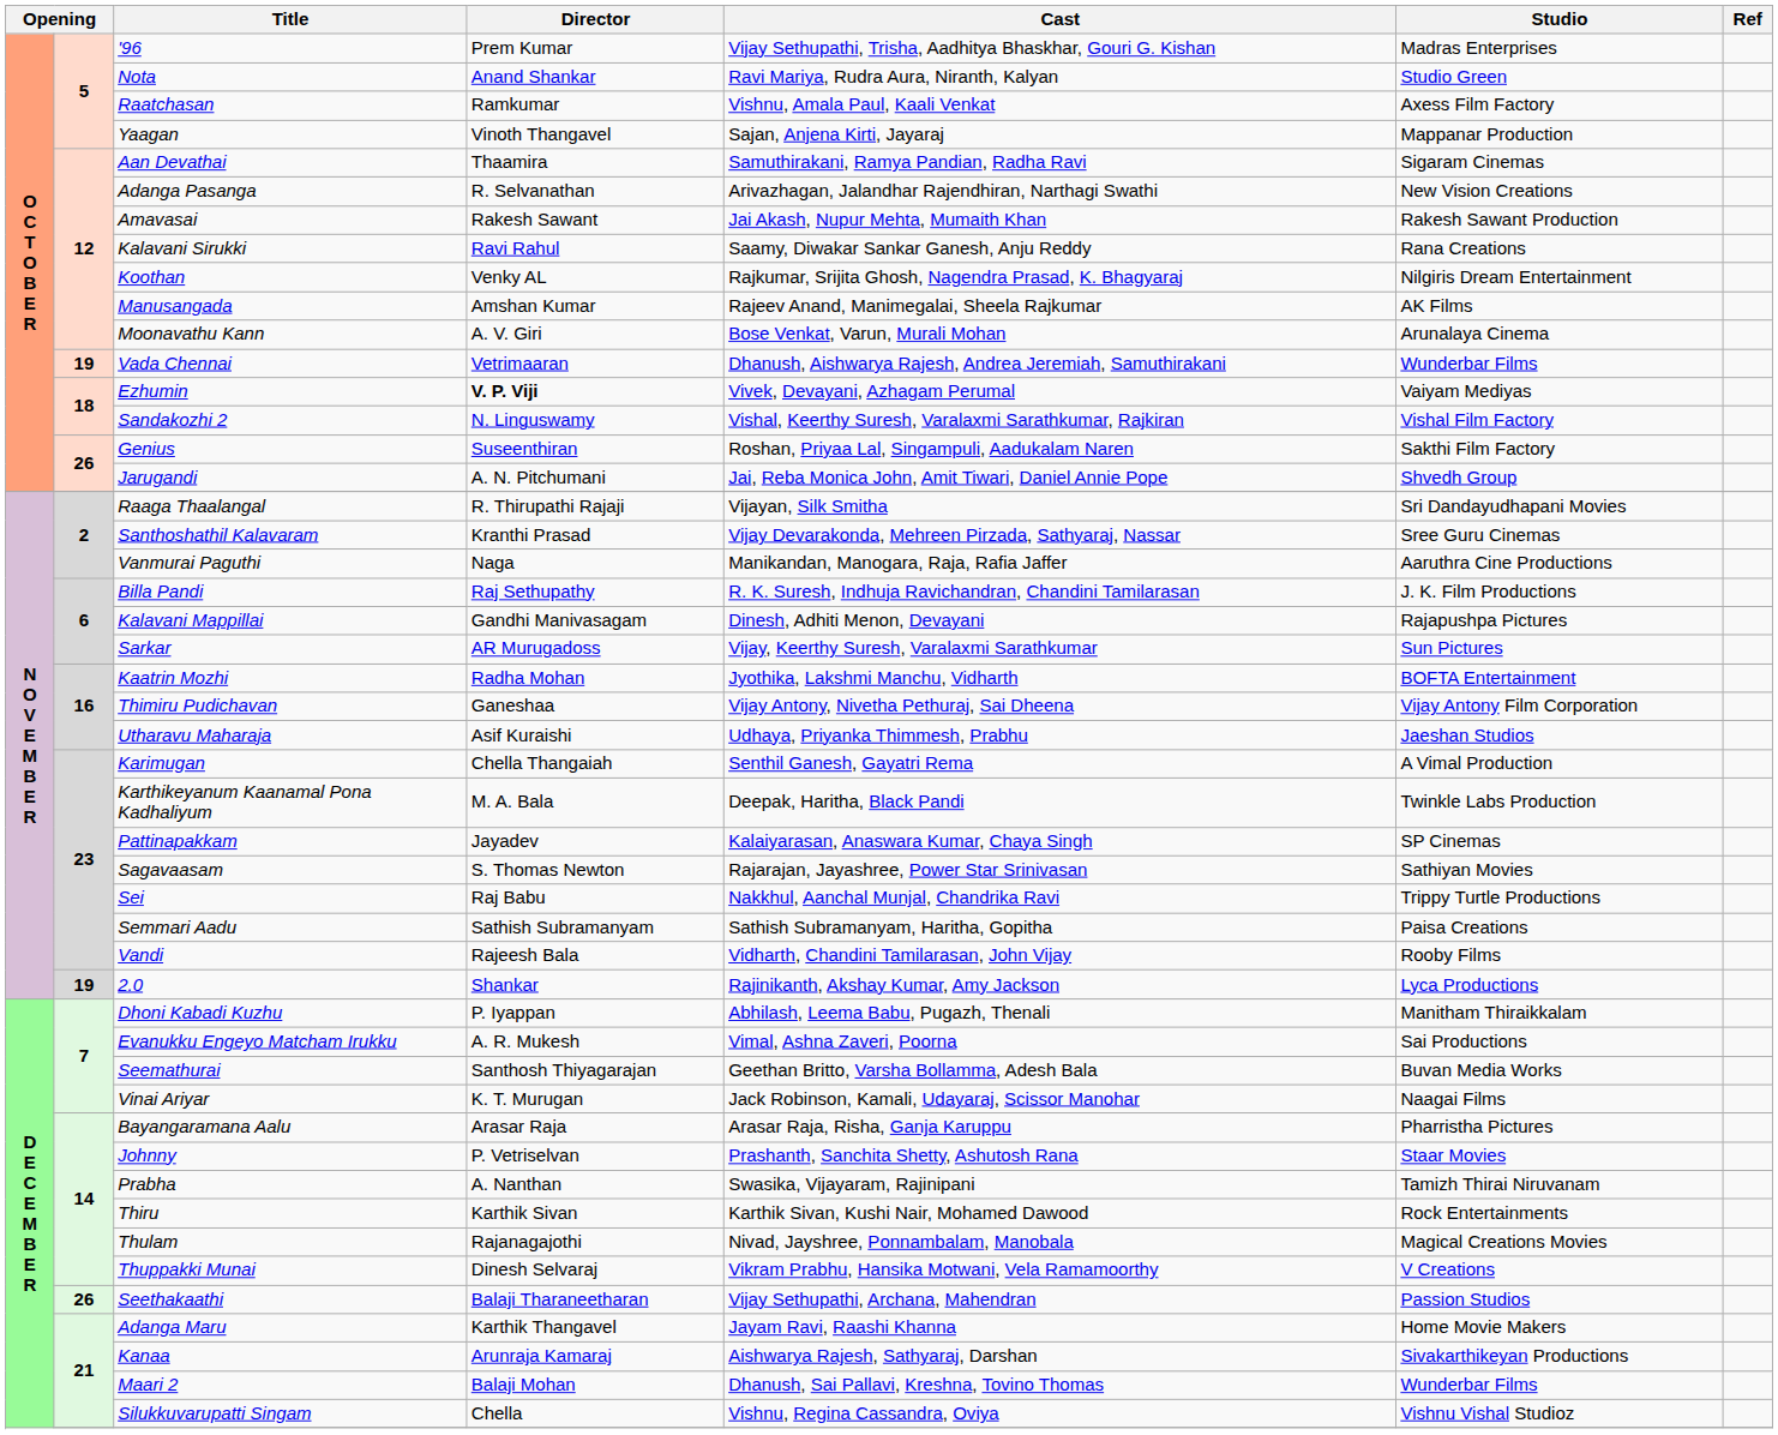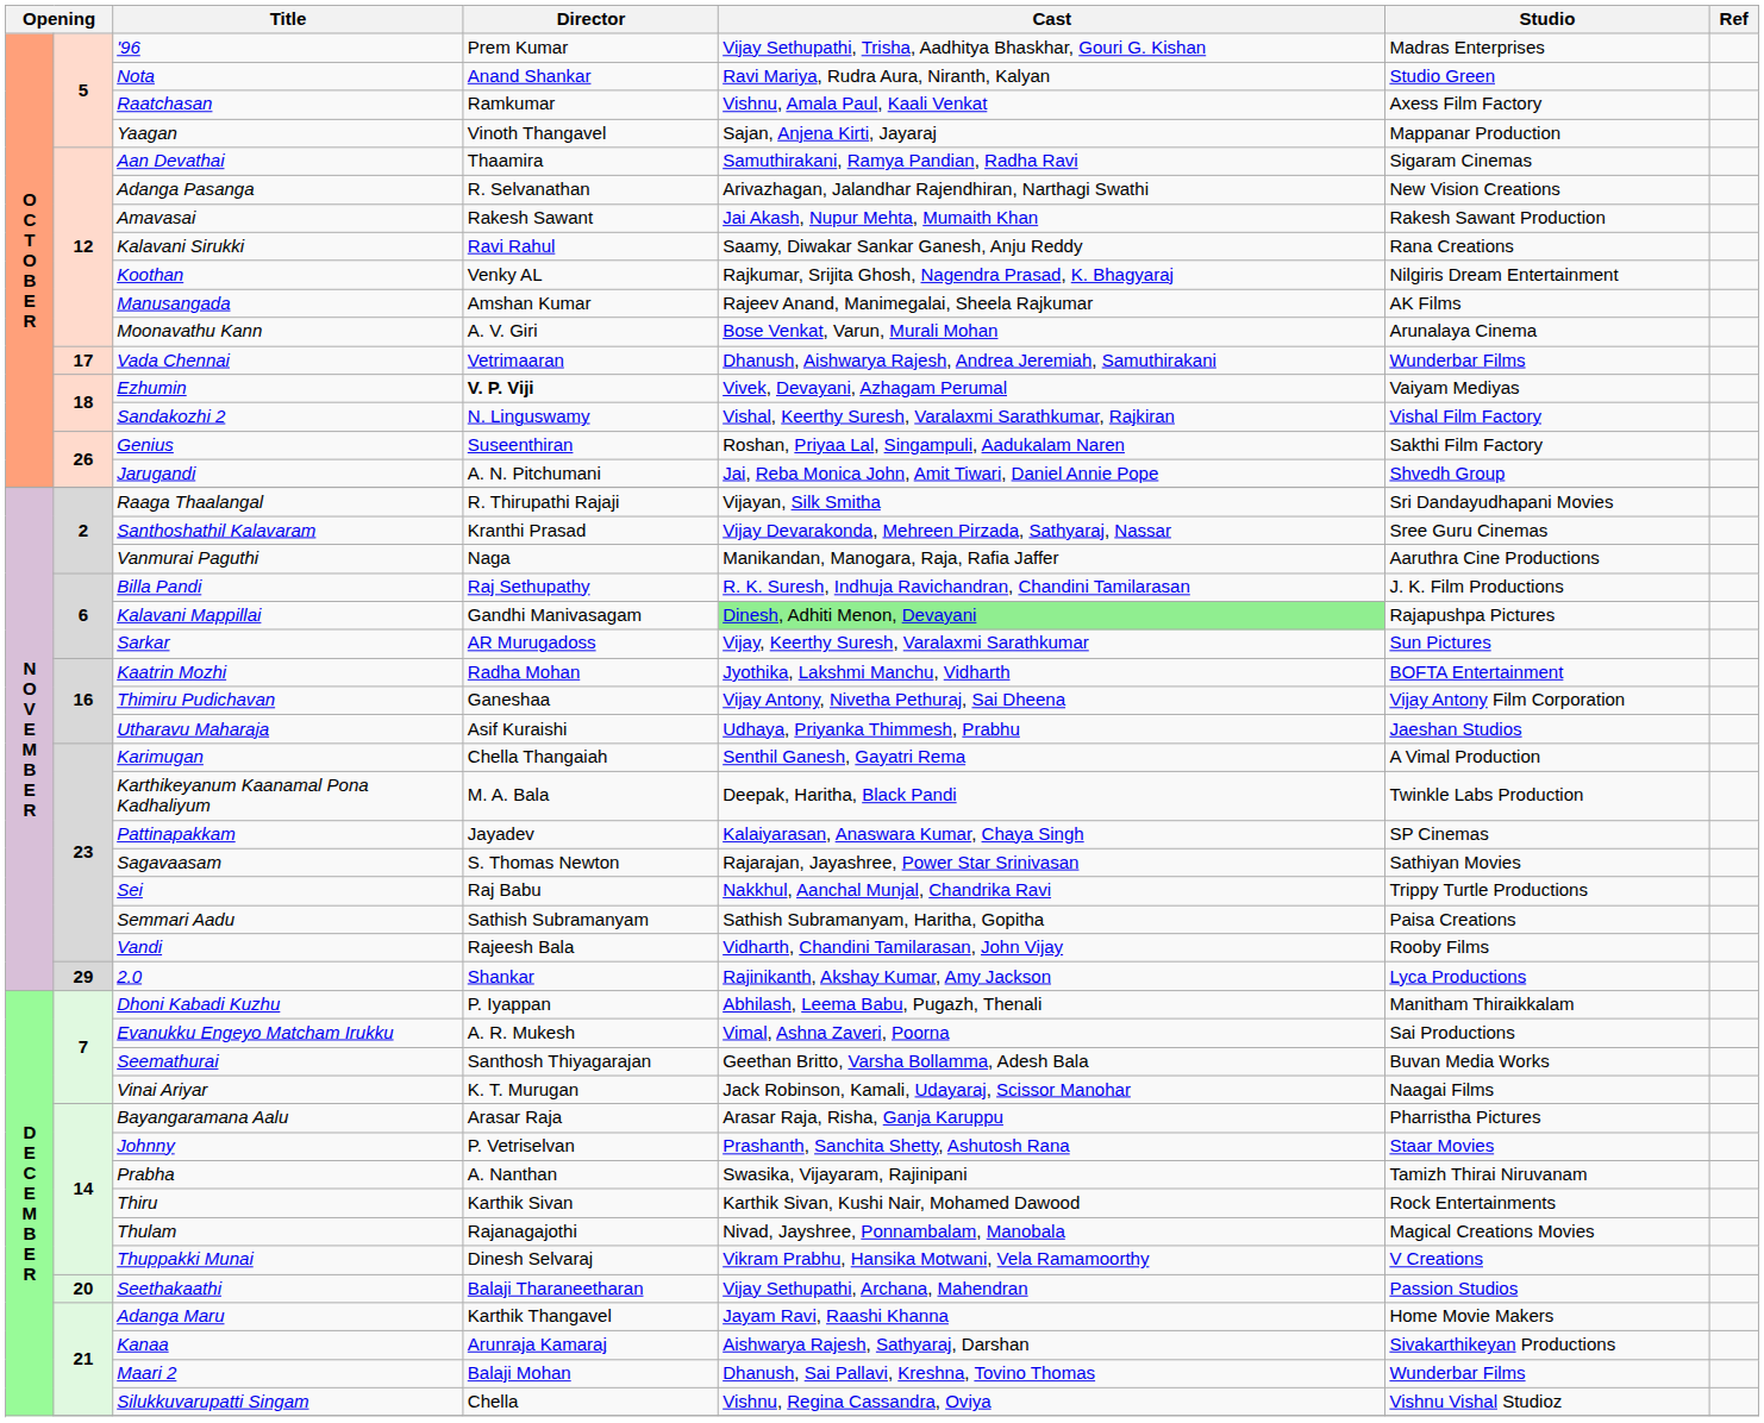 <table class="wikitable sortable">
 <tr style="background">
 <th colspan="2">Opening</th>
 <th style="width:20%;">Title</th>
 <th>Director</th>
 <th>Cast</th>
 <th>Studio</th>
 <th>Ref</th>
 </tr>
 <tr OCTOBER!>
 <th rowspan="16"  style="text-align:center; background:#ffa07a; textcolor:#000;">O<br>C<br>T<br>O<br>B<br>E<br>R</th>
 <td rowspan="4" style="text-align:center; background:#ffdacc;"><strong>5</strong></td>
 <td><em><a href='#'>'96</a></em></td>
 <td>Prem Kumar</td>
 <td><a href='#'>Vijay Sethupathi</a>, <a href='#'>Trisha</a>, Aadhitya Bhaskhar, <a href='#'>Gouri G. Kishan</a></td>
 <td>Madras Enterprises</td>
 <td></td>
 </tr>
 <tr>
 <td><em><a href='#'>Nota</a></em></td>
 <td><a href='#'>Anand Shankar</a></td>
 <td><a href='#'>Ravi Mariya</a>, Rudra Aura, Niranth, Kalyan</td>
 <td><a href='#'>Studio Green</a></td>
 <td></td>
 </tr>
 <tr>
 <td><em><a href='#'>Raatchasan</a></em></td>
 <td>Ramkumar</td>
 <td><a href='#'>Vishnu</a>, <a href='#'>Amala Paul</a>, <a href='#'>Kaali Venkat</a></td>
 <td>Axess Film Factory</td>
 <td></td>
 </tr>
 <tr>
 <td><em>Yaagan</em></td>
 <td>Vinoth Thangavel</td>
 <td>Sajan, <a href='#'>Anjena Kirti</a>, Jayaraj</td>
 <td>Mappanar Production</td>
 <td></td>
 </tr>
 <tr>
 <td rowspan="7" style="text-align:center; background:#ffdacc;"><strong>12</strong></td>
 <td><em><a href='#'>Aan Devathai</a></em></td>
 <td>Thaamira</td>
 <td><a href='#'>Samuthirakani</a>, <a href='#'>Ramya Pandian</a>, <a href='#'>Radha Ravi</a></td>
 <td>Sigaram Cinemas</td>
 <td></td>
 </tr>
 <tr>
 <td><em>Adanga Pasanga</em></td>
 <td>R. Selvanathan</td>
 <td>Arivazhagan, Jalandhar Rajendhiran, Narthagi Swathi</td>
 <td>New Vision Creations</td>
 <td></td>
 </tr>
 <tr>
 <td><em>Amavasai</em></td>
 <td>Rakesh Sawant</td>
 <td><a href='#'>Jai Akash</a>, <a href='#'>Nupur Mehta</a>, <a href='#'>Mumaith Khan</a></td>
 <td>Rakesh Sawant Production</td>
 <td></td>
 </tr>
 <tr>
 <td><em>Kalavani Sirukki</em></td>
 <td><a href='#'>Ravi Rahul</a></td>
 <td>Saamy, Diwakar Sankar Ganesh, Anju Reddy</td>
 <td>Rana Creations</td>
 <td></td>
 </tr>
 <tr>
 <td><em><a href='#'>Koothan</a></em></td>
 <td>Venky AL</td>
 <td>Rajkumar, Srijita Ghosh, <a href='#'>Nagendra Prasad</a>, <a href='#'>K. Bhagyaraj</a></td>
 <td>Nilgiris Dream Entertainment</td>
 <td></td>
 </tr>
 <tr>
 <td><em><a href='#'>Manusangada</a></em></td>
 <td>Amshan Kumar</td>
 <td>Rajeev Anand, Manimegalai, Sheela Rajkumar</td>
 <td>AK Films</td>
 <td></td>
 </tr>
 <tr>
 <td><em>Moonavathu Kann</em></td>
 <td>A. V. Giri</td>
 <td><a href='#'>Bose Venkat</a>, Varun, <a href='#'>Murali Mohan</a></td>
 <td>Arunalaya Cinema</td>
 <td></td>
 </tr>
 <tr>
-<td style="text-align:center; background:#ffdacc;"><strong>19</strong></td>
+<td style="text-align:center; background:#ffdacc;"><strong>17</strong></td>
 <td><em><a href='#'>Vada Chennai</a></em></td>
 <td><a href='#'>Vetrimaaran</a></td>
 <td><a href='#'>Dhanush</a>, <a href='#'>Aishwarya Rajesh</a>, <a href='#'>Andrea Jeremiah</a>, <a href='#'>Samuthirakani</a></td>
 <td><a href='#'>Wunderbar Films</a></td>
 <td></td>
 </tr>
 <tr>
 <td rowspan="2" style="text-align:center; background:#ffdacc;"><strong>18</strong></td>
 <td><em><a href='#'>Ezhumin</a></em></td>
 <td><strong>V. P. Viji</strong></td>
 <td><a href='#'>Vivek</a>, <a href='#'>Devayani</a>, <a href='#'>Azhagam Perumal</a></td>
 <td>Vaiyam Mediyas</td>
 <td></td>
 </tr>
 <tr>
 <td><em><a href='#'>Sandakozhi 2</a></em></td>
 <td><a href='#'>N. Linguswamy</a></td>
 <td><a href='#'>Vishal</a>, <a href='#'>Keerthy Suresh</a>, <a href='#'>Varalaxmi Sarathkumar</a>, <a href='#'>Rajkiran</a></td>
 <td><a href='#'>Vishal Film Factory</a></td>
 <td></td>
 </tr>
 <tr>
 <td rowspan="2" style="text-align:center; background:#ffdacc;"><strong>26</strong></td>
 <td><em><a href='#'>Genius</a></em></td>
 <td><a href='#'>Suseenthiran</a></td>
 <td>Roshan, <a href='#'>Priyaa Lal</a>, <a href='#'>Singampuli</a>, <a href='#'>Aadukalam Naren</a></td>
 <td>Sakthi Film Factory</td>
 <td></td>
 </tr>
 <tr>
 <td><em><a href='#'>Jarugandi</a></em></td>
 <td>A. N. Pitchumani</td>
 <td><a href='#'>Jai</a>, <a href='#'>Reba Monica John</a>, <a href='#'>Amit Tiwari</a>, <a href='#'>Daniel Annie Pope</a></td>
 <td><a href='#'>Shvedh Group</a></td>
 <td></td>
 </tr>
 <tr>
 </tr>
 <tr NOVEMBER!>
 <th rowspan="17" style="text-align:center; background:thistle; textcolor:#000;">N<br>O<br>V<br>E<br>M<br>B<br>E<br>R</th>
 <td rowspan="3" style="text-align:center; background:#d8d8d8;"><strong>2</strong></td>
 <td><em>Raaga Thaalangal</em></td>
 <td>R. Thirupathi Rajaji</td>
 <td>Vijayan, <a href='#'>Silk Smitha</a></td>
 <td>Sri Dandayudhapani Movies</td>
 <td></td>
 </tr>
 <tr>
 <td><em><a href='#'>Santhoshathil Kalavaram</a></em></td>
 <td>Kranthi Prasad</td>
 <td><a href='#'>Vijay Devarakonda</a>, <a href='#'>Mehreen Pirzada</a>, <a href='#'>Sathyaraj</a>, <a href='#'>Nassar</a></td>
 <td>Sree Guru Cinemas</td>
 <td></td>
 </tr>
 <tr>
 <td><em>Vanmurai Paguthi</em></td>
 <td>Naga</td>
 <td>Manikandan, Manogara, Raja, Rafia Jaffer</td>
 <td>Aaruthra Cine Productions</td>
 <td></td>
 </tr>
 <tr>
 <td rowspan="3" style="text-align:center; background:#d8d8d8;"><strong>6</strong></td>
 <td><em><a href='#'>Billa Pandi</a></em></td>
 <td><a href='#'>Raj Sethupathy</a></td>
 <td><a href='#'>R. K. Suresh</a>, <a href='#'>Indhuja Ravichandran</a>, <a href='#'>Chandini Tamilarasan</a></td>
 <td>J. K. Film Productions</td>
 <td></td>
 </tr>
 <tr>
 <td><em><a href='#'>Kalavani Mappillai</a></em></td>
 <td>Gandhi Manivasagam</td>
-<td><a href='#'>Dinesh</a>, Adhiti Menon, <a href='#'>Devayani</a></td>
+<td style="background: lightgreen;"><a href='#'>Dinesh</a>, Adhiti Menon, <a href='#'>Devayani</a></td>
 <td>Rajapushpa Pictures</td>
 <td></td>
 </tr>
 <tr>
 <td><em><a href='#'>Sarkar</a></em></td>
 <td><a href='#'>AR Murugadoss</a></td>
 <td><a href='#'>Vijay</a>, <a href='#'>Keerthy Suresh</a>, <a href='#'>Varalaxmi Sarathkumar</a></td>
 <td><a href='#'>Sun Pictures</a></td>
 <td></td>
 </tr>
 <tr>
 <td rowspan="3" style="text-align:center; background:#d8d8d8;"><strong>16</strong></td>
 <td><em><a href='#'>Kaatrin Mozhi</a></em></td>
 <td><a href='#'>Radha Mohan</a></td>
 <td><a href='#'>Jyothika</a>, <a href='#'>Lakshmi Manchu</a>, <a href='#'>Vidharth</a></td>
 <td><a href='#'>BOFTA Entertainment</a></td>
 <td></td>
 </tr>
 <tr>
 <td><em><a href='#'>Thimiru Pudichavan</a></em></td>
 <td>Ganeshaa</td>
 <td><a href='#'>Vijay Antony</a>, <a href='#'>Nivetha Pethuraj</a>, <a href='#'>Sai Dheena</a></td>
 <td><a href='#'>Vijay Antony</a> Film Corporation</td>
 <td></td>
 </tr>
 <tr>
 <td><em><a href='#'>Utharavu Maharaja</a></em></td>
 <td>Asif Kuraishi</td>
 <td><a href='#'>Udhaya</a>, <a href='#'>Priyanka Thimmesh</a>, <a href='#'>Prabhu</a></td>
 <td><a href='#'>Jaeshan Studios</a></td>
 <td></td>
 </tr>
 <tr>
 <td rowspan="7" style="text-align:center; background:#d8d8d8;"><strong>23</strong></td>
 <td><em><a href='#'>Karimugan</a></em></td>
 <td>Chella Thangaiah</td>
 <td><a href='#'>Senthil Ganesh</a>, <a href='#'>Gayatri Rema</a></td>
 <td>A Vimal Production</td>
 <td></td>
 </tr>
 <tr>
 <td><em>Karthikeyanum Kaanamal Pona Kadhaliyum</em></td>
 <td>M. A. Bala</td>
 <td>Deepak, Haritha, <a href='#'>Black Pandi</a></td>
 <td>Twinkle Labs Production</td>
 <td></td>
 </tr>
 <tr>
 <td><em><a href='#'>Pattinapakkam</a></em></td>
 <td>Jayadev</td>
 <td><a href='#'>Kalaiyarasan</a>, <a href='#'>Anaswara Kumar</a>, <a href='#'>Chaya Singh</a></td>
 <td>SP Cinemas</td>
 <td></td>
 </tr>
 <tr>
 <td><em>Sagavaasam</em></td>
 <td>S. Thomas Newton</td>
 <td>Rajarajan, Jayashree, <a href='#'>Power Star Srinivasan</a></td>
 <td>Sathiyan Movies</td>
 <td></td>
 </tr>
 <tr>
 <td><em><a href='#'>Sei</a></em></td>
 <td>Raj Babu</td>
 <td><a href='#'>Nakkhul</a>, <a href='#'>Aanchal Munjal</a>, <a href='#'>Chandrika Ravi</a></td>
 <td>Trippy Turtle Productions</td>
 <td></td>
 </tr>
 <tr>
 <td><em>Semmari Aadu</em></td>
 <td>Sathish Subramanyam</td>
 <td>Sathish Subramanyam, Haritha, Gopitha</td>
 <td>Paisa Creations</td>
 <td></td>
 </tr>
 <tr>
 <td><em><a href='#'>Vandi</a></em></td>
 <td>Rajeesh Bala</td>
 <td><a href='#'>Vidharth</a>, <a href='#'>Chandini Tamilarasan</a>, <a href='#'>John Vijay</a></td>
 <td>Rooby Films</td>
 <td></td>
 </tr>
 <tr>
-<td rowspan="1" style="text-align:center; background:#d8d8d8;"><strong>19</strong></td>
+<td rowspan="1" style="text-align:center; background:#d8d8d8;"><strong>29</strong></td>
 <td><em><a href='#'>2.0</a></em></td>
 <td><a href='#'>Shankar</a></td>
 <td><a href='#'>Rajinikanth</a>, <a href='#'>Akshay Kumar</a>, <a href='#'>Amy Jackson</a></td>
 <td><a href='#'>Lyca Productions</a></td>
 <td></td>
 </tr>
 <tr DECEMBER!>
 <th rowspan="17"  style="text-align:center; background:#98fb98; textcolor:#000;">D<br>E<br>C<br>E<br>M<br>B<br>E<br>R</th>
 <td rowspan="4" style="text-align:center; background:#e0f9e0;"><strong>7</strong></td>
 <td><em><a href='#'>Dhoni Kabadi Kuzhu</a></em></td>
 <td>P. Iyappan</td>
 <td><a href='#'>Abhilash</a>, <a href='#'>Leema Babu</a>, Pugazh, Thenali</td>
 <td>Manitham Thiraikkalam</td>
 <td></td>
 </tr>
 <tr>
 <td><em><a href='#'>Evanukku Engeyo Matcham Irukku</a></em></td>
 <td>A. R. Mukesh</td>
 <td><a href='#'>Vimal</a>, <a href='#'>Ashna Zaveri</a>, <a href='#'>Poorna</a></td>
 <td>Sai Productions</td>
 <td></td>
 </tr>
 <tr>
 <td><em><a href='#'>Seemathurai</a></em></td>
 <td>Santhosh Thiyagarajan</td>
 <td>Geethan Britto, <a href='#'>Varsha Bollamma</a>, Adesh Bala</td>
 <td>Buvan Media Works</td>
 <td></td>
 </tr>
 <tr>
 <td><em>Vinai Ariyar</em></td>
 <td>K. T. Murugan</td>
 <td>Jack Robinson, Kamali, <a href='#'>Udayaraj</a>, <a href='#'>Scissor Manohar</a></td>
 <td>Naagai Films</td>
 <td></td>
 </tr>
 <tr>
 <td rowspan="6" style="text-align:center; background:#e0f9e0;"><strong>14</strong></td>
 <td><em>Bayangaramana Aalu</em></td>
 <td>Arasar Raja</td>
 <td>Arasar Raja, Risha, <a href='#'>Ganja Karuppu</a></td>
 <td>Pharristha Pictures</td>
 <td></td>
 </tr>
 <tr>
 <td><em><a href='#'>Johnny</a></em></td>
 <td>P. Vetriselvan</td>
 <td><a href='#'>Prashanth</a>, <a href='#'>Sanchita Shetty</a>, <a href='#'>Ashutosh Rana</a></td>
 <td><a href='#'>Staar Movies</a></td>
 <td></td>
 </tr>
 <tr>
 <td><em>Prabha</em></td>
 <td>A. Nanthan</td>
 <td>Swasika, Vijayaram, Rajinipani</td>
 <td>Tamizh Thirai Niruvanam</td>
 <td></td>
 </tr>
 <tr>
 <td><em>Thiru</em></td>
 <td>Karthik Sivan</td>
 <td>Karthik Sivan, Kushi Nair, Mohamed Dawood</td>
 <td>Rock Entertainments</td>
 <td></td>
 </tr>
 <tr>
 <td><em>Thulam</em></td>
 <td>Rajanagajothi</td>
 <td>Nivad, Jayshree, <a href='#'>Ponnambalam</a>, <a href='#'>Manobala</a></td>
 <td>Magical Creations Movies</td>
 <td></td>
 </tr>
 <tr>
 <td><em><a href='#'>Thuppakki Munai</a></em></td>
 <td>Dinesh Selvaraj</td>
 <td><a href='#'>Vikram Prabhu</a>, <a href='#'>Hansika Motwani</a>, <a href='#'>Vela Ramamoorthy</a></td>
 <td><a href='#'>V Creations</a></td>
 <td></td>
 </tr>
 <tr>
-<td rowspan="1" style="text-align:center; background:#e0f9e0;"><strong>26</strong></td>
+<td rowspan="1" style="text-align:center; background:#e0f9e0;"><strong>20</strong></td>
 <td><em><a href='#'>Seethakaathi</a></em></td>
 <td><a href='#'>Balaji Tharaneetharan</a></td>
 <td><a href='#'>Vijay Sethupathi</a>, <a href='#'>Archana</a>, <a href='#'>Mahendran</a></td>
 <td><a href='#'>Passion Studios</a></td>
 <td></td>
 </tr>
 <tr>
 <td rowspan="4" style="text-align:center; background:#e0f9e0;"><strong>21</strong></td>
 <td><em><a href='#'>Adanga Maru</a></em></td>
 <td>Karthik Thangavel</td>
 <td><a href='#'>Jayam Ravi</a>, <a href='#'>Raashi Khanna</a></td>
 <td>Home Movie Makers</td>
 <td></td>
 </tr>
 <tr>
 <td><em><a href='#'>Kanaa</a></em></td>
 <td><a href='#'>Arunraja Kamaraj</a></td>
 <td><a href='#'>Aishwarya Rajesh</a>, <a href='#'>Sathyaraj</a>, Darshan</td>
 <td><a href='#'>Sivakarthikeyan</a> Productions</td>
 <td></td>
 </tr>
 <tr>
 <td><em><a href='#'>Maari 2</a></em></td>
 <td><a href='#'>Balaji Mohan</a></td>
 <td><a href='#'>Dhanush</a>, <a href='#'>Sai Pallavi</a>, <a href='#'>Kreshna</a>, <a href='#'>Tovino Thomas</a></td>
 <td><a href='#'>Wunderbar Films</a></td>
 <td></td>
 </tr>
 <tr>
 <td><em><a href='#'>Silukkuvarupatti Singam</a></em></td>
 <td>Chella</td>
 <td><a href='#'>Vishnu</a>, <a href='#'>Regina Cassandra</a>, <a href='#'>Oviya</a></td>
 <td><a href='#'>Vishnu Vishal</a> Studioz</td>
 <td></td>
 </tr>
 <tr>
 </tr>
 </table>
